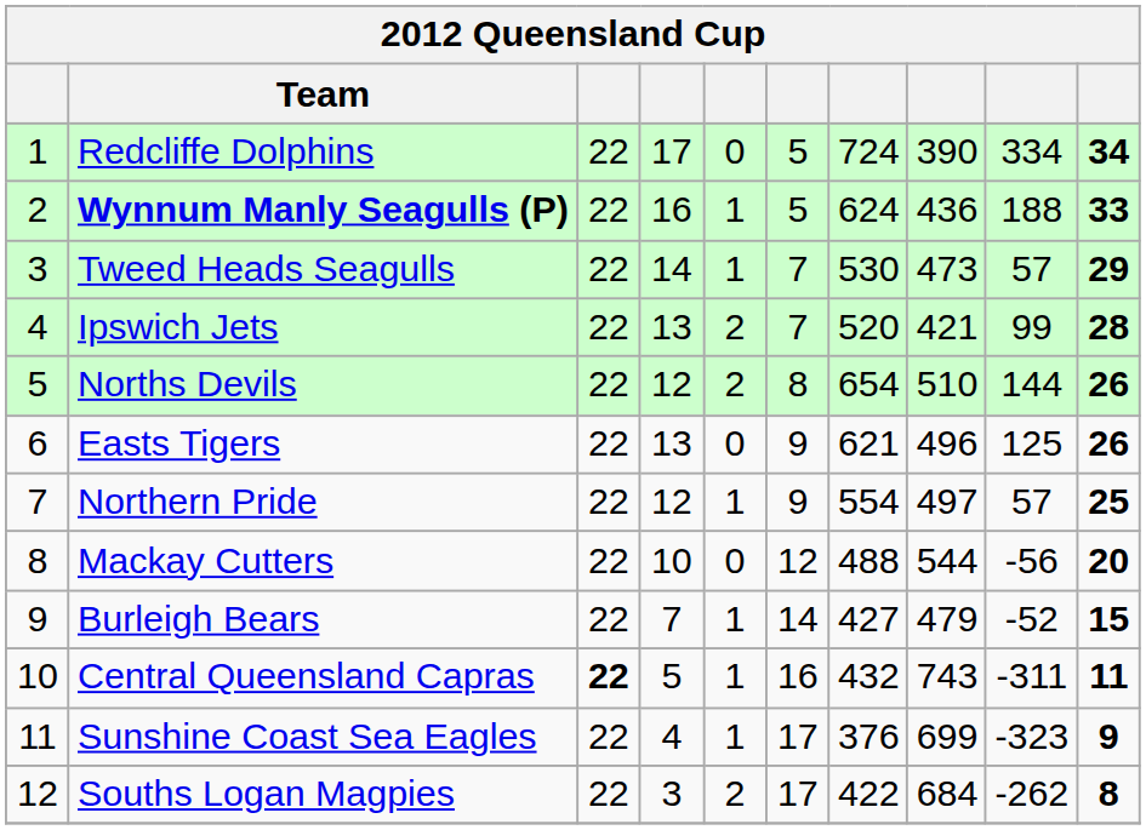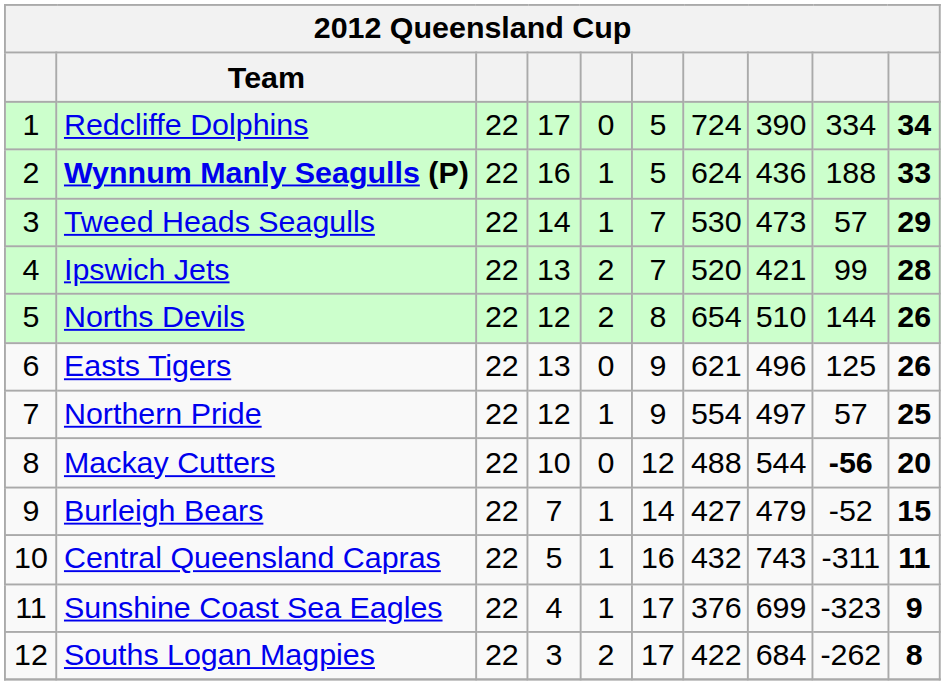 <table class="wikitable" style="text-align:center;">
 <tr>
 <th colspan="11">2012 Queensland Cup</th>
 </tr>
 <tr>
 <th width="20"></th>
 <th>Team</th>
 <th width="20"></th>
 <th width="20"></th>
 <th width="20"></th>
 <th width="20"></th>
 <th width="25"></th>
 <th width="25"></th>
 <th width="30"></th>
 <th width="20"></th>
 </tr>
 <tr style="background: #ccffcc;">
 <td>1</td>
 <td style="text-align:left;"> <a href='#'>Redcliffe Dolphins</a></td>
 <td>22</td>
 <td>17</td>
 <td>0</td>
 <td>5</td>
 <td>724</td>
 <td>390</td>
 <td>334</td>
 <td><strong>34</strong></td>
 </tr>
 <tr style="background: #ccffcc;">
 <td>2</td>
 <td style="text-align:left;"> <strong><a href='#'>Wynnum Manly Seagulls</a> (P)</strong></td>
 <td>22</td>
 <td>16</td>
 <td>1</td>
 <td>5</td>
 <td>624</td>
 <td>436</td>
 <td>188</td>
 <td><strong>33</strong></td>
 </tr>
 <tr style="background: #ccffcc;">
 <td>3</td>
 <td style="text-align:left;"> <a href='#'>Tweed Heads Seagulls</a></td>
 <td>22</td>
 <td>14</td>
 <td>1</td>
 <td>7</td>
 <td>530</td>
 <td>473</td>
 <td>57</td>
 <td><strong>29</strong></td>
 </tr>
 <tr style="background: #ccffcc;">
 <td>4</td>
 <td style="text-align:left;"> <a href='#'>Ipswich Jets</a></td>
 <td>22</td>
 <td>13</td>
 <td>2</td>
 <td>7</td>
 <td>520</td>
 <td>421</td>
 <td>99</td>
 <td><strong>28</strong></td>
 </tr>
 <tr style="background: #ccffcc;">
 <td>5</td>
 <td style="text-align:left;"> <a href='#'>Norths Devils</a></td>
 <td>22</td>
 <td>12</td>
 <td>2</td>
 <td>8</td>
 <td>654</td>
 <td>510</td>
 <td>144</td>
 <td><strong>26</strong></td>
 </tr>
 <tr style="background:">
 <td>6</td>
 <td style="text-align:left;"> <a href='#'>Easts Tigers</a></td>
 <td>22</td>
 <td>13</td>
 <td>0</td>
 <td>9</td>
 <td>621</td>
 <td>496</td>
 <td>125</td>
 <td><strong>26</strong></td>
 </tr>
 <tr style="background:">
 <td>7</td>
 <td style="text-align:left;"> <a href='#'>Northern Pride</a></td>
 <td>22</td>
 <td>12</td>
 <td>1</td>
 <td>9</td>
 <td>554</td>
 <td>497</td>
 <td>57</td>
 <td><strong>25</strong></td>
 </tr>
 <tr style="background:">
 <td>8</td>
 <td style="text-align:left;"> <a href='#'>Mackay Cutters</a></td>
 <td>22</td>
 <td>10</td>
 <td>0</td>
 <td>12</td>
 <td>488</td>
 <td>544</td>
-<td>-56</td>
+<td><strong>-56</strong></td>
 <td><strong>20</strong></td>
 </tr>
 <tr style="background:">
 <td>9</td>
 <td style="text-align:left;"> <a href='#'>Burleigh Bears</a></td>
 <td>22</td>
 <td>7</td>
 <td>1</td>
 <td>14</td>
 <td>427</td>
 <td>479</td>
 <td>-52</td>
 <td><strong>15</strong></td>
 </tr>
 <tr style="background:">
 <td>10</td>
 <td style="text-align:left;"> <a href='#'>Central Queensland Capras</a></td>
-<td><strong>22</strong></td>
+<td>22</td>
 <td>5</td>
 <td>1</td>
 <td>16</td>
 <td>432</td>
 <td>743</td>
 <td>-311</td>
 <td><strong>11</strong></td>
 </tr>
 <tr style="background:">
 <td>11</td>
 <td style="text-align:left;"> <a href='#'>Sunshine Coast Sea Eagles</a></td>
 <td>22</td>
 <td>4</td>
 <td>1</td>
 <td>17</td>
 <td>376</td>
 <td>699</td>
 <td>-323</td>
 <td><strong>9</strong></td>
 </tr>
 <tr style="background:">
 <td>12</td>
 <td style="text-align:left;"> <a href='#'>Souths Logan Magpies</a></td>
 <td>22</td>
 <td>3</td>
 <td>2</td>
 <td>17</td>
 <td>422</td>
 <td>684</td>
 <td>-262</td>
 <td><strong>8</strong></td>
 </tr>
 <tr>
 </tr>
 </table>
